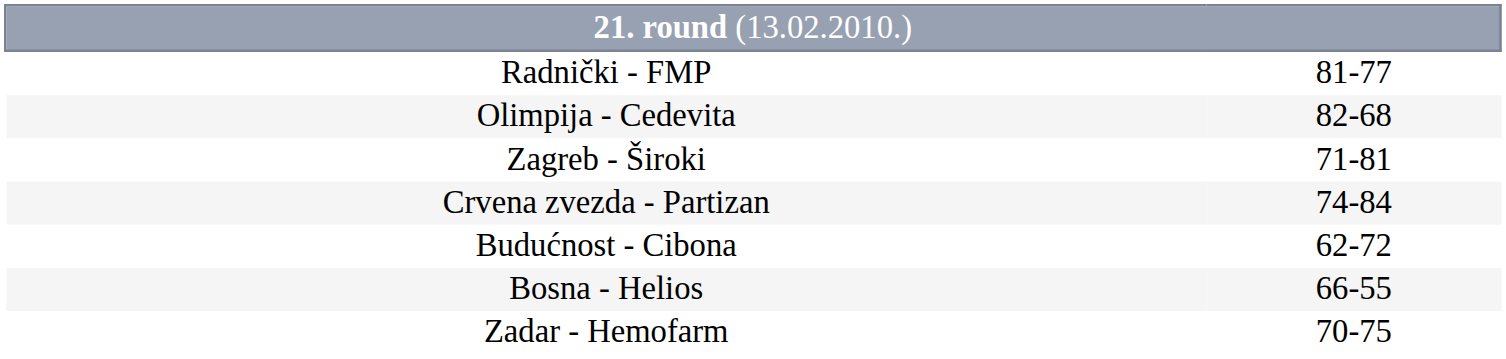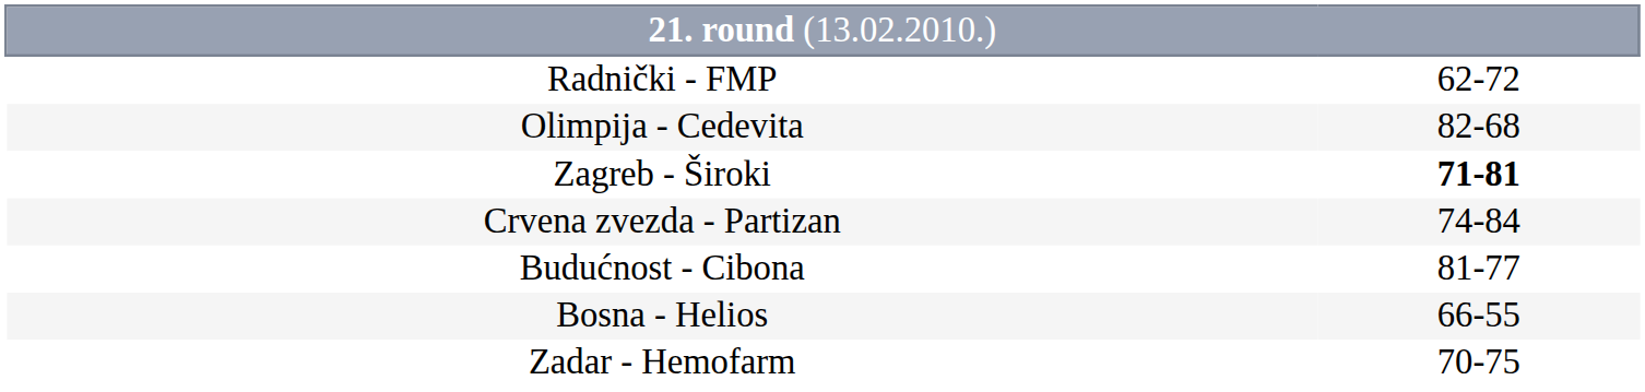 <table border=0 cellspacing=0 cellpadding=1em style="font-size: 85%; border-collapse: collapse;width:100%;">
 <tr>
 <td colspan=5 bgcolor=#98A1B2 style="border:1px solid #7A8392; text-align:center; color:#FFFFFF;"><strong>21. round</strong> (13.02.2010.)</td>
 </tr>
 <tr align=center bgcolor=#FFFFFF>
 <td>Radnički - FMP</td>
-<td>81-77</td>
+<td>62-72</td>
 </tr>
 <tr align=center bgcolor=#f5f5f5>
 <td>Olimpija - Cedevita</td>
 <td>82-68</td>
 </tr>
 <tr align=center bgcolor=#FFFFFF>
 <td>Zagreb - Široki</td>
-<td>71-81</td>
+<td><strong>71-81</strong></td>
 </tr>
 <tr align=center bgcolor=#f5f5f5>
 <td>Crvena zvezda - Partizan</td>
 <td>74-84</td>
 </tr>
 <tr align=center bgcolor=#FFFFFF>
 <td>Budućnost - Cibona</td>
-<td>62-72</td>
+<td>81-77</td>
 </tr>
 <tr align=center bgcolor=#f5f5f5>
 <td>Bosna - Helios</td>
 <td>66-55</td>
 </tr>
 <tr align=center bgcolor=#FFFFFF>
 <td>Zadar - Hemofarm</td>
 <td>70-75</td>
 </tr>
 </table>
